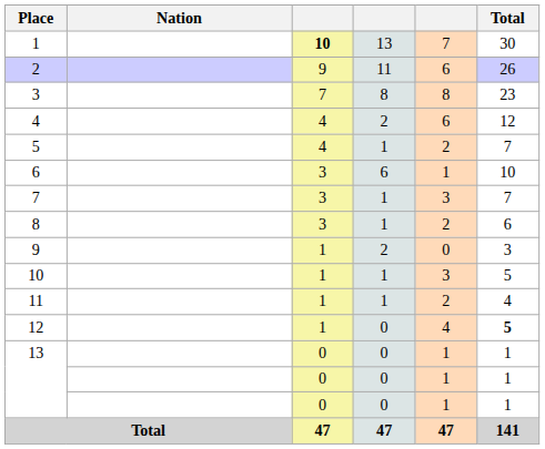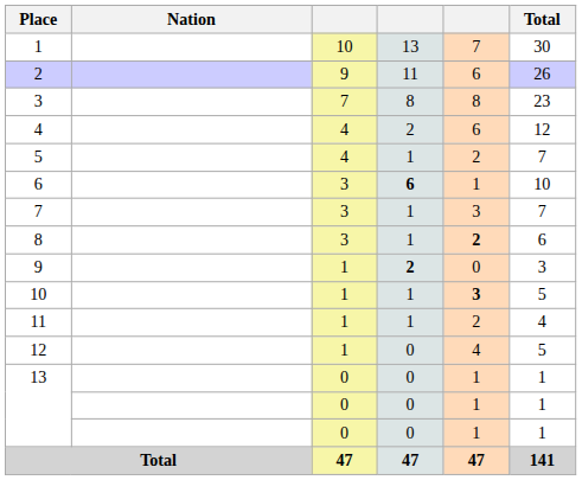 <table class=wikitable style="border:1px solid #AAAAAA;font-size:90%">
 <tr bgcolor="#EFEFEF">
 <th width=50>Place</th>
 <th width=200>Nation</th>
 <th width=50></th>
 <th width=50></th>
 <th width=50></th>
 <th width=50>Total</th>
 </tr>
 <tr align="center" valign="top" bgcolor="#FFFFFF">
 <td>1</td>
 <td align="left"></td>
-<td style="background:#F7F6A8;"><strong>10</strong></td>
+<td style="background:#F7F6A8;">10</td>
 <td style="background:#DCE5E5;">13</td>
 <td style="background:#FFDAB9;">7</td>
 <td>30</td>
 </tr>
 <tr align="center" style="background-color:#ccccff">
 <td>2</td>
 <td align="left"></td>
 <td style="background:#F7F6A8;">9</td>
 <td style="background:#DCE5E5;">11</td>
 <td style="background:#FFDAB9;">6</td>
 <td>26</td>
 </tr>
 <tr align="center" valign="top" bgcolor="#FFFFFF">
 <td>3</td>
 <td align="left"></td>
 <td style="background:#F7F6A8;">7</td>
 <td style="background:#DCE5E5;">8</td>
 <td style="background:#FFDAB9;">8</td>
 <td>23</td>
 </tr>
 <tr align="center" valign="top" bgcolor="#FFFFFF">
 <td>4</td>
 <td align="left"></td>
 <td style="background:#F7F6A8;">4</td>
 <td style="background:#DCE5E5;">2</td>
 <td style="background:#FFDAB9;">6</td>
 <td>12</td>
 </tr>
 <tr align="center" valign="top" bgcolor="#FFFFFF">
 <td>5</td>
 <td align="left"></td>
 <td style="background:#F7F6A8;">4</td>
 <td style="background:#DCE5E5;">1</td>
 <td style="background:#FFDAB9;">2</td>
 <td>7</td>
 </tr>
 <tr align="center" valign="top" bgcolor="#FFFFFF">
 <td>6</td>
 <td align="left"></td>
 <td style="background:#F7F6A8;">3</td>
-<td style="background:#DCE5E5;">6</td>
+<td style="background:#DCE5E5;"><strong>6</strong></td>
 <td style="background:#FFDAB9;">1</td>
 <td>10</td>
 </tr>
 <tr align="center" valign="top" bgcolor="#FFFFFF">
 <td>7</td>
 <td align="left"></td>
 <td style="background:#F7F6A8;">3</td>
 <td style="background:#DCE5E5;">1</td>
 <td style="background:#FFDAB9;">3</td>
 <td>7</td>
 </tr>
 <tr align="center" valign="top" bgcolor="#FFFFFF">
 <td>8</td>
 <td align="left"></td>
 <td style="background:#F7F6A8;">3</td>
 <td style="background:#DCE5E5;">1</td>
-<td style="background:#FFDAB9;">2</td>
+<td style="background:#FFDAB9;"><strong>2</strong></td>
 <td>6</td>
 </tr>
 <tr align="center" valign="top" bgcolor="#FFFFFF">
 <td>9</td>
 <td align="left"></td>
 <td style="background:#F7F6A8;">1</td>
-<td style="background:#DCE5E5;">2</td>
+<td style="background:#DCE5E5;"><strong>2</strong></td>
 <td style="background:#FFDAB9;">0</td>
 <td>3</td>
 </tr>
 <tr align="center" valign="top" bgcolor="#FFFFFF">
 <td>10</td>
 <td align="left"></td>
 <td style="background:#F7F6A8;">1</td>
 <td style="background:#DCE5E5;">1</td>
-<td style="background:#FFDAB9;">3</td>
+<td style="background:#FFDAB9;"><strong>3</strong></td>
 <td>5</td>
 </tr>
 <tr align="center" valign="top" bgcolor="#FFFFFF">
 <td>11</td>
 <td align="left"></td>
 <td style="background:#F7F6A8;">1</td>
 <td style="background:#DCE5E5;">1</td>
 <td style="background:#FFDAB9;">2</td>
 <td>4</td>
 </tr>
 <tr align="center" valign="top" bgcolor="#FFFFFF">
 <td>12</td>
 <td align="left"></td>
 <td style="background:#F7F6A8;">1</td>
 <td style="background:#DCE5E5;">0</td>
 <td style="background:#FFDAB9;">4</td>
-<td><strong>5</strong></td>
+<td>5</td>
 </tr>
 <tr align="center" valign="top" bgcolor="#FFFFFF">
 <td rowspan="3" valign="center">13</td>
 <td align="left"></td>
 <td style="background:#F7F6A8;">0</td>
 <td style="background:#DCE5E5;">0</td>
 <td style="background:#FFDAB9;">1</td>
 <td>1</td>
 </tr>
 <tr align="center" valign="top" bgcolor="#FFFFFF">
 <td align="left"></td>
 <td style="background:#F7F6A8;">0</td>
 <td style="background:#DCE5E5;">0</td>
 <td style="background:#FFDAB9;">1</td>
 <td>1</td>
 </tr>
 <tr align="center" valign="top" bgcolor="#FFFFFF">
 <td align="left"></td>
 <td style="background:#F7F6A8;">0</td>
 <td style="background:#DCE5E5;">0</td>
 <td style="background:#FFDAB9;">1</td>
 <td>1</td>
 </tr>
 <tr align="center">
 <td colspan="2" bgcolor=D3D3D3><strong>Total</strong></td>
 <td style="background:#F7F6A8;"><strong>47</strong></td>
 <td style="background:#DCE5E5;"><strong>47</strong></td>
 <td style="background:#FFDAB9;"><strong>47</strong></td>
 <td bgcolor=D3D3D3><strong>141</strong></td>
 </tr>
 </table>
